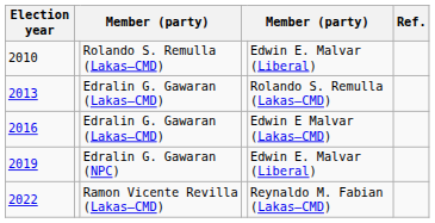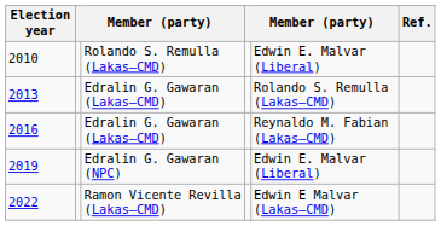 <table class="wikitable" style="font-size:90%">
 <tr>
 <th width="60px">Election<br>year</th>
 <th colspan="2" width="140px">Member (party)</th>
 <th colspan="2" width="140px">Member (party)</th>
 <th>Ref.</th>
 </tr>
 <tr>
 <td>2010</td>
 <td></td>
 <td>Rolando S. Remulla<br>(<a href='#'>Lakas–CMD</a>)</td>
 <td></td>
 <td>Edwin E. Malvar<br>(<a href='#'>Liberal</a>)</td>
 <td></td>
 </tr>
 <tr>
 <td><a href='#'>2013</a></td>
 <td></td>
 <td>Edralin G. Gawaran<br>(<a href='#'>Lakas–CMD</a>)</td>
 <td></td>
 <td>Rolando S. Remulla<br>(<a href='#'>Lakas–CMD</a>)</td>
 <td></td>
 </tr>
 <tr>
 <td><a href='#'>2016</a></td>
 <td></td>
 <td>Edralin G. Gawaran<br>(<a href='#'>Lakas–CMD</a>)</td>
 <td></td>
-<td>Edwin E  Malvar<br>(<a href='#'>Lakas–CMD</a>)</td>
+<td>Reynaldo M. Fabian<br>(<a href='#'>Lakas–CMD</a>)</td>
 <td></td>
 </tr>
 <tr>
 <td><a href='#'>2019</a></td>
 <td></td>
 <td>Edralin G. Gawaran<br>(<a href='#'>NPC</a>)</td>
 <td></td>
 <td>Edwin E. Malvar<br>(<a href='#'>Liberal</a>)</td>
 <td></td>
 </tr>
 <tr>
 <td><a href='#'>2022</a></td>
 <td></td>
 <td>Ramon Vicente Revilla<br>(<a href='#'>Lakas–CMD</a>)</td>
 <td></td>
-<td>Reynaldo M. Fabian<br>(<a href='#'>Lakas–CMD</a>)</td>
+<td>Edwin E  Malvar<br>(<a href='#'>Lakas–CMD</a>)</td>
 <td></td>
 </tr>
 </table>
